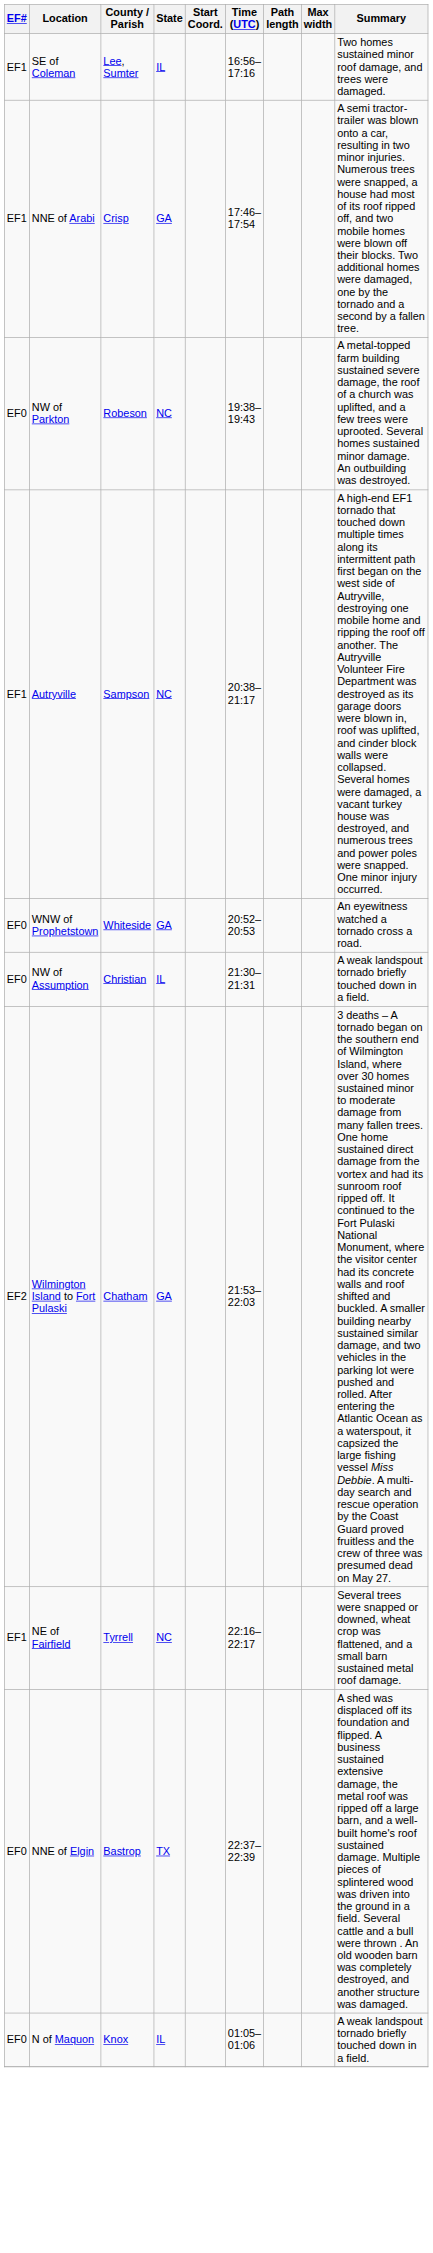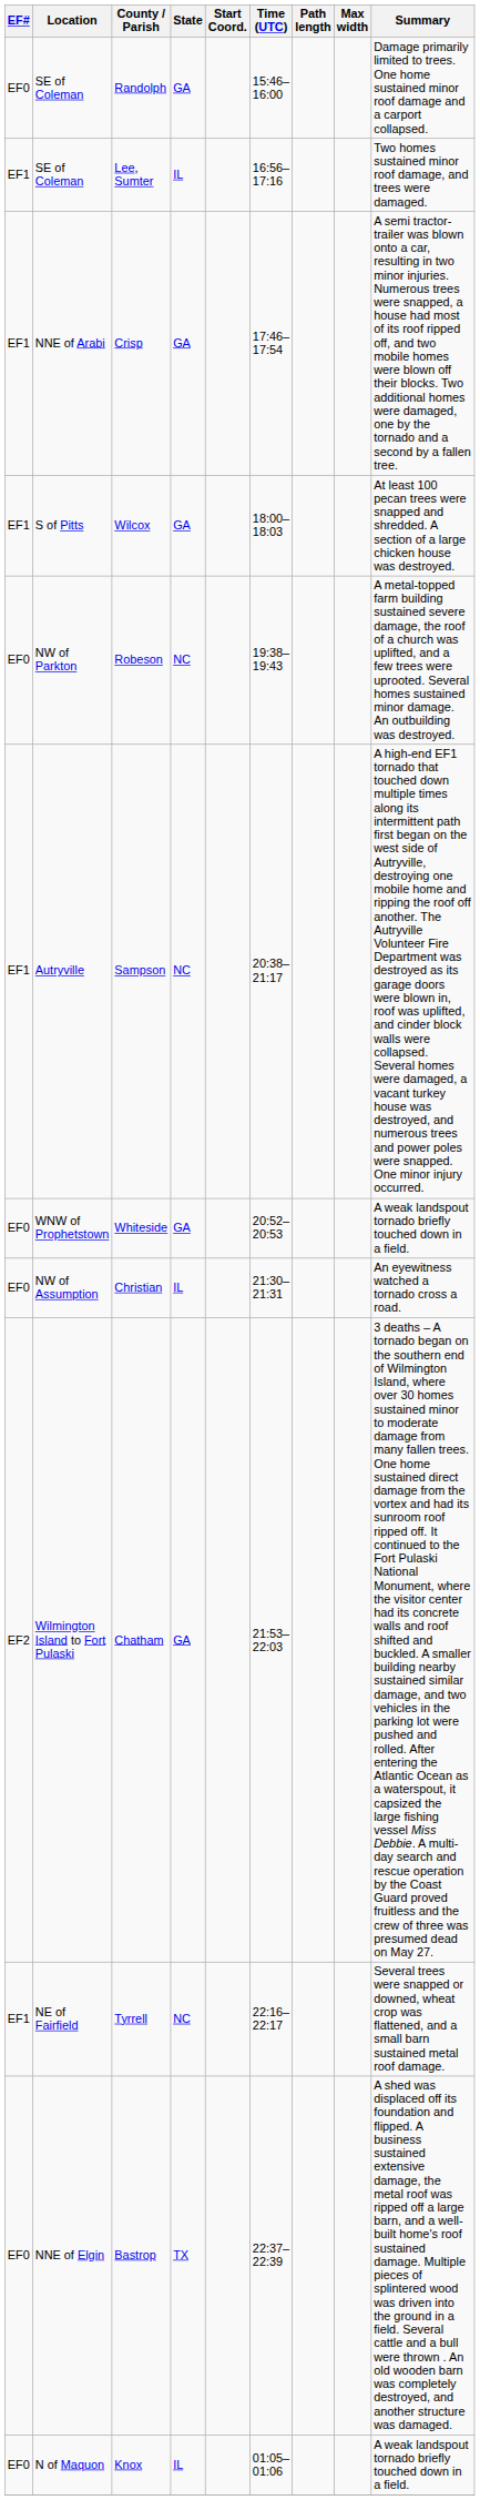 <table class="wikitable sortable" style="width:100%;">
 <tr>
 <th scope="col"  style="width:3%; text-align:center;"><a href='#'>EF#</a></th>
 <th scope="col"  style="width:7%; text-align:center;" class="unsortable">Location</th>
 <th scope="col"  style="width:6%; text-align:center;" class="unsortable">County / Parish</th>
 <th scope="col"  style="width:5%; text-align:center;">State</th>
 <th scope="col"  style="width:6%; text-align:center;">Start Coord.</th>
 <th scope="col"  style="width:6%; text-align:center;">Time (<a href='#'>UTC</a>)</th>
 <th scope="col"  style="width:6%; text-align:center;">Path length</th>
 <th scope="col"  style="width:6%; text-align:center;">Max width</th>
 <th scope="col" class="unsortable" style="width:48%; text-align:center;">Summary</th>
+</tr>
+<tr>
+<td>EF0</td>
+<td>SE of <a href='#'>Coleman</a></td>
+<td><a href='#'>Randolph</a></td>
+<td><a href='#'>GA</a></td>
+<td></td>
+<td>15:46–16:00</td>
+<td></td>
+<td></td>
+<td>Damage primarily limited to trees. One home sustained minor roof damage and a carport collapsed.</td>
 </tr>
 <tr>
 <td>EF1</td>
 <td>SE of <a href='#'>Coleman</a></td>
 <td><a href='#'>Lee</a>, <a href='#'>Sumter</a></td>
 <td><a href='#'>IL</a></td>
 <td></td>
 <td>16:56–17:16</td>
 <td></td>
 <td></td>
 <td>Two homes sustained minor roof damage, and trees were damaged.</td>
 </tr>
 <tr>
 <td>EF1</td>
 <td>NNE of <a href='#'>Arabi</a></td>
 <td><a href='#'>Crisp</a></td>
 <td><a href='#'>GA</a></td>
 <td></td>
 <td>17:46–17:54</td>
 <td></td>
 <td></td>
 <td>A semi tractor-trailer was blown onto a car, resulting in two minor injuries. Numerous trees were snapped, a house had most of its roof ripped off, and two mobile homes were blown off their blocks. Two additional homes were damaged, one by the tornado and a second by a fallen tree.</td>
+</tr>
+<tr>
+<td>EF1</td>
+<td>S of <a href='#'>Pitts</a></td>
+<td><a href='#'>Wilcox</a></td>
+<td><a href='#'>GA</a></td>
+<td></td>
+<td>18:00–18:03</td>
+<td></td>
+<td></td>
+<td>At least 100 pecan trees were snapped and shredded. A section of a large chicken house was destroyed.</td>
 </tr>
 <tr>
 <td>EF0</td>
 <td>NW of <a href='#'>Parkton</a></td>
 <td><a href='#'>Robeson</a></td>
 <td><a href='#'>NC</a></td>
 <td></td>
 <td>19:38–19:43</td>
 <td></td>
 <td></td>
 <td>A metal-topped farm building sustained severe damage, the roof of a church was uplifted, and a few trees were uprooted. Several homes sustained minor damage. An outbuilding was destroyed.</td>
 </tr>
 <tr>
 <td>EF1</td>
 <td><a href='#'>Autryville</a></td>
 <td><a href='#'>Sampson</a></td>
 <td><a href='#'>NC</a></td>
 <td></td>
 <td>20:38–21:17</td>
 <td></td>
 <td></td>
 <td>A high-end EF1 tornado that touched down multiple times along its intermittent path first began on the west side of Autryville, destroying one mobile home and ripping the roof off another. The Autryville Volunteer Fire Department was destroyed as its garage doors were blown in, roof was uplifted, and cinder block walls were collapsed. Several homes were damaged, a vacant turkey house was destroyed, and numerous trees and power poles were snapped. One minor injury occurred.</td>
 </tr>
 <tr>
 <td>EF0</td>
 <td>WNW of <a href='#'>Prophetstown</a></td>
 <td><a href='#'>Whiteside</a></td>
 <td><a href='#'>GA</a></td>
 <td></td>
 <td>20:52–20:53</td>
 <td></td>
 <td></td>
-<td>An eyewitness watched a tornado cross a road.</td>
+<td>A weak landspout tornado briefly touched down in a field.</td>
 </tr>
 <tr>
 <td>EF0</td>
 <td>NW of <a href='#'>Assumption</a></td>
 <td><a href='#'>Christian</a></td>
 <td><a href='#'>IL</a></td>
 <td></td>
 <td>21:30–21:31</td>
 <td></td>
 <td></td>
-<td>A weak landspout tornado briefly touched down in a field.</td>
+<td>An eyewitness watched a tornado cross a road.</td>
 </tr>
 <tr>
 <td>EF2</td>
 <td><a href='#'>Wilmington Island</a> to <a href='#'>Fort Pulaski</a></td>
 <td><a href='#'>Chatham</a></td>
 <td><a href='#'>GA</a></td>
 <td></td>
 <td>21:53–22:03</td>
 <td></td>
 <td></td>
 <td>3 deaths – A tornado began on the southern end of Wilmington Island, where over 30 homes sustained minor to moderate damage from many fallen trees. One home sustained direct damage from the vortex and had its sunroom roof ripped off. It continued to the Fort Pulaski National Monument, where the visitor center had its concrete walls and roof shifted and buckled. A smaller building nearby sustained similar damage, and two vehicles in the parking lot were pushed and rolled. After entering the Atlantic Ocean as a waterspout, it capsized the large fishing vessel <em>Miss Debbie</em>. A multi-day search and rescue operation by the Coast Guard proved fruitless and the crew of three was presumed dead on May 27.</td>
 </tr>
 <tr>
 <td>EF1</td>
 <td>NE of <a href='#'>Fairfield</a></td>
 <td><a href='#'>Tyrrell</a></td>
 <td><a href='#'>NC</a></td>
 <td></td>
 <td>22:16–22:17</td>
 <td></td>
 <td></td>
 <td>Several trees were snapped or downed, wheat crop was flattened, and a small barn sustained metal roof damage.</td>
 </tr>
 <tr>
 <td>EF0</td>
 <td>NNE of <a href='#'>Elgin</a></td>
 <td><a href='#'>Bastrop</a></td>
 <td><a href='#'>TX</a></td>
 <td></td>
 <td>22:37–22:39</td>
 <td></td>
 <td></td>
 <td>A shed was displaced off its foundation and flipped. A business sustained extensive damage, the metal roof was ripped off a large barn, and a well-built home's roof sustained damage. Multiple pieces of splintered wood was driven into the ground in a field. Several cattle and a bull were thrown . An old wooden barn was completely destroyed, and another structure was damaged.</td>
 </tr>
 <tr>
 <td>EF0</td>
 <td>N of <a href='#'>Maquon</a></td>
 <td><a href='#'>Knox</a></td>
 <td><a href='#'>IL</a></td>
 <td></td>
 <td>01:05–01:06</td>
 <td></td>
 <td></td>
 <td>A weak landspout tornado briefly touched down in a field.</td>
 </tr>
 <tr>
 </tr>
 </table>
